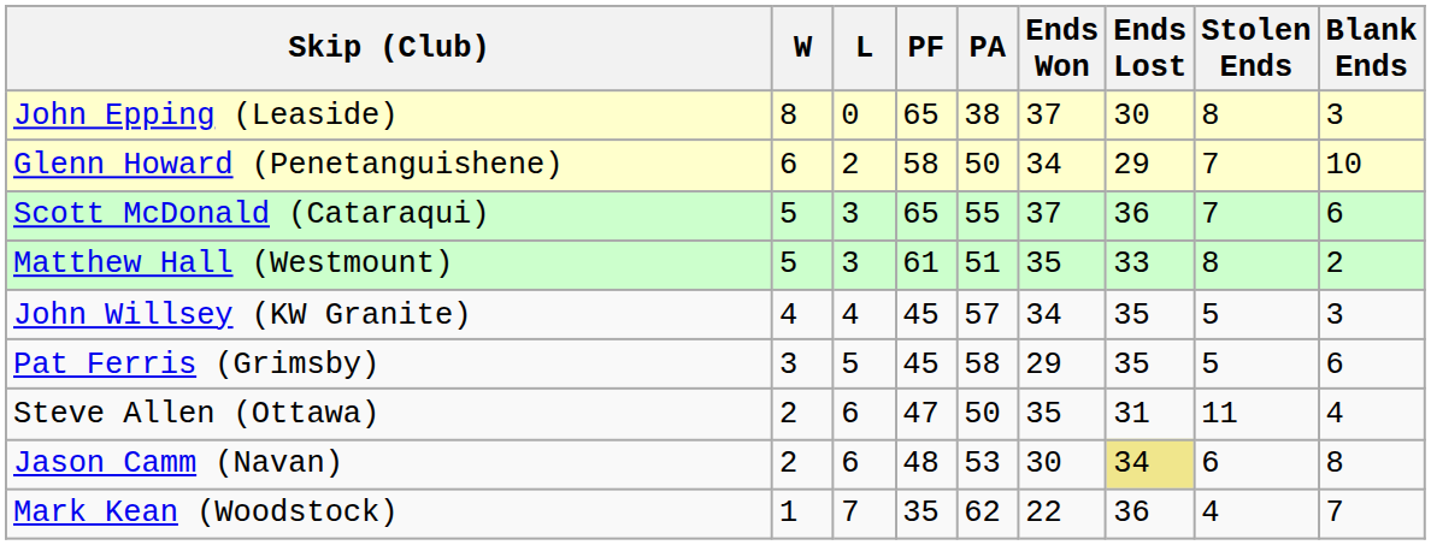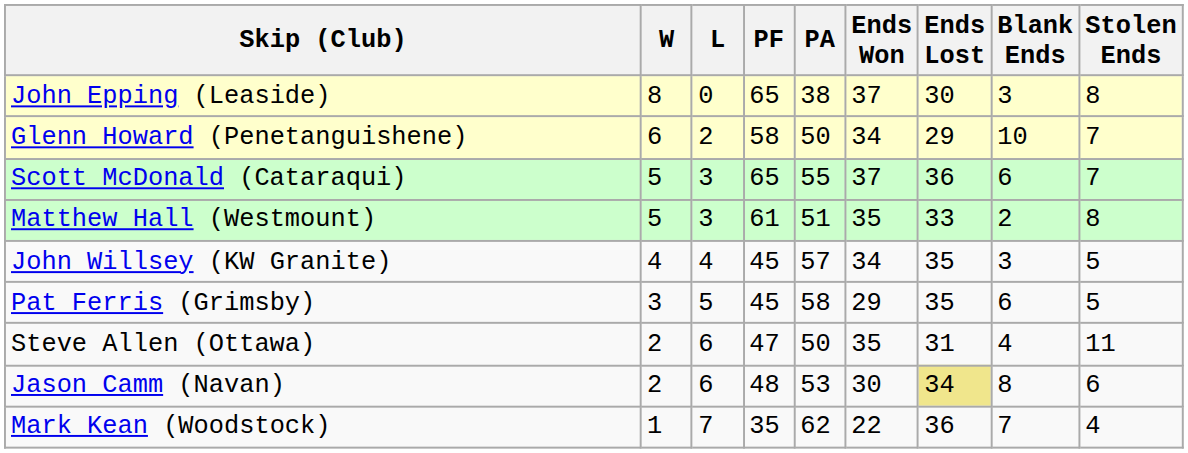 <table class="wikitable">
 <tr>
 <th bgcolor="#efefef" width="320">Skip (Club)</th>
 <th bgcolor="#efefef" width="20">W</th>
 <th bgcolor="#efefef" width="20">L</th>
 <th bgcolor="#efefef" width="20">PF</th>
 <th bgcolor="#efefef" width="20">PA</th>
 <th bgcolor="#efefef" width="20">Ends <br> Won</th>
 <th bgcolor="#efefef" width="20">Ends <br> Lost</th>
+<th bgcolor="#efefef" width="20">Blank <br> Ends</th>
 <th bgcolor="#efefef" width="20">Stolen <br> Ends<br></th>
-<th bgcolor="#efefef" width="20">Blank <br> Ends</th>
 </tr>
 <tr bgcolor=#ffffcc>
 <td><a href='#'>John Epping</a> (Leaside)</td>
 <td>8</td>
 <td>0</td>
 <td>65</td>
 <td>38</td>
 <td>37</td>
 <td>30</td>
+<td>3</td>
 <td>8</td>
-<td>3</td>
 </tr>
 <tr bgcolor=#ffffcc>
 <td><a href='#'>Glenn Howard</a> (Penetanguishene)</td>
 <td>6</td>
 <td>2</td>
 <td>58</td>
 <td>50</td>
 <td>34</td>
 <td>29</td>
+<td>10</td>
 <td>7</td>
-<td>10</td>
 </tr>
 <tr style="background:#ccffcc;">
 <td><a href='#'>Scott McDonald</a> (Cataraqui)</td>
 <td>5</td>
 <td>3</td>
 <td>65</td>
 <td>55</td>
 <td>37</td>
 <td>36</td>
+<td>6</td>
 <td>7</td>
-<td>6</td>
 </tr>
 <tr style="background:#ccffcc;">
 <td><a href='#'>Matthew Hall</a> (Westmount)</td>
 <td>5</td>
 <td>3</td>
 <td>61</td>
 <td>51</td>
 <td>35</td>
 <td>33</td>
+<td>2</td>
 <td>8</td>
-<td>2</td>
 </tr>
 <tr>
 <td><a href='#'>John Willsey</a> (KW Granite)</td>
 <td>4</td>
 <td>4</td>
 <td>45</td>
 <td>57</td>
 <td>34</td>
 <td>35</td>
+<td>3</td>
 <td>5</td>
-<td>3</td>
 </tr>
 <tr>
 <td><a href='#'>Pat Ferris</a> (Grimsby)</td>
 <td>3</td>
 <td>5</td>
 <td>45</td>
 <td>58</td>
 <td>29</td>
 <td>35</td>
+<td>6</td>
 <td>5</td>
-<td>6</td>
 </tr>
 <tr>
 <td>Steve Allen (Ottawa)</td>
 <td>2</td>
 <td>6</td>
 <td>47</td>
 <td>50</td>
 <td>35</td>
 <td>31</td>
+<td>4</td>
 <td>11</td>
-<td>4</td>
 </tr>
 <tr>
 <td><a href='#'>Jason Camm</a> (Navan)</td>
 <td>2</td>
 <td>6</td>
 <td>48</td>
 <td>53</td>
 <td>30</td>
 <td style="background: khaki;">34</td>
+<td>8</td>
 <td>6</td>
-<td>8</td>
 </tr>
 <tr>
 <td><a href='#'>Mark Kean</a> (Woodstock)</td>
 <td>1</td>
 <td>7</td>
 <td>35</td>
 <td>62</td>
 <td>22</td>
 <td>36</td>
+<td>7</td>
 <td>4</td>
-<td>7</td>
 </tr>
 </table>
